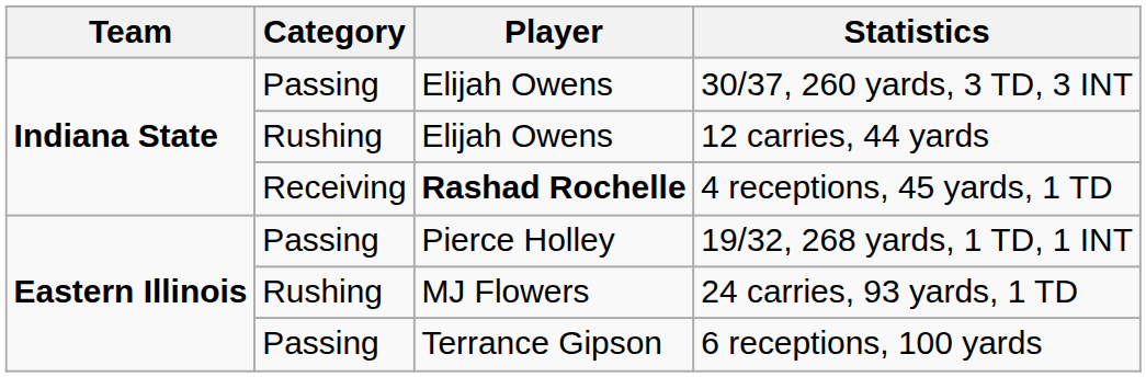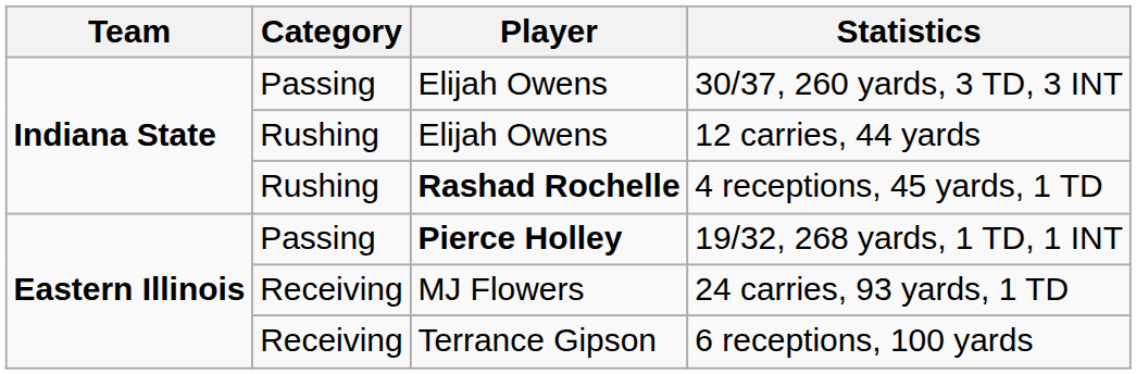 <table class="wikitable" style="float: right;">
 <tr>
 <th>Team</th>
 <th>Category</th>
 <th>Player</th>
 <th>Statistics</th>
 </tr>
 <tr>
 <td rowspan=3><strong>Indiana State</strong></td>
 <td>Passing</td>
 <td>Elijah Owens</td>
 <td>30/37, 260 yards, 3 TD, 3 INT</td>
 </tr>
 <tr>
 <td>Rushing</td>
 <td>Elijah Owens</td>
 <td>12 carries, 44 yards</td>
 </tr>
 <tr>
-<td>Receiving</td>
+<td>Rushing</td>
 <td><strong>Rashad Rochelle</strong></td>
 <td>4 receptions, 45 yards, 1 TD</td>
 </tr>
 <tr>
 <td rowspan=3><strong>Eastern Illinois</strong></td>
 <td>Passing</td>
-<td>Pierce Holley</td>
+<td><strong>Pierce Holley</strong></td>
 <td>19/32, 268 yards, 1 TD, 1 INT</td>
 </tr>
 <tr>
-<td>Rushing</td>
+<td>Receiving</td>
 <td>MJ Flowers</td>
 <td>24 carries, 93 yards, 1 TD</td>
 </tr>
 <tr>
-<td>Passing</td>
+<td>Receiving</td>
 <td>Terrance Gipson</td>
 <td>6 receptions, 100 yards</td>
 </tr>
 </table>
